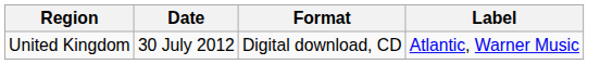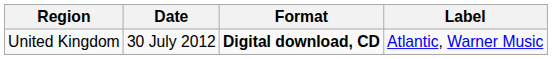 <table class=wikitable>
 <tr>
 <th>Region</th>
 <th>Date</th>
 <th>Format</th>
 <th>Label</th>
 </tr>
 <tr>
 <td>United Kingdom</td>
 <td>30 July 2012</td>
-<td>Digital download, CD</td>
+<td><strong>Digital download, CD</strong></td>
 <td><a href='#'>Atlantic</a>, <a href='#'>Warner Music</a></td>
 </tr>
 <tr>
 </tr>
 </table>
